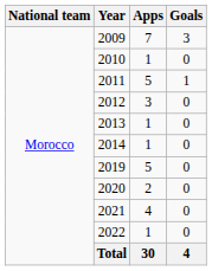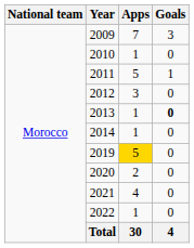 <table class="wikitable" style="text-align:center">
 <tr>
 <th>National team</th>
 <th>Year</th>
 <th>Apps</th>
 <th>Goals</th>
 </tr>
 <tr>
 <td rowspan="14"><a href='#'>Morocco</a></td>
 <td>2009</td>
 <td>7</td>
 <td>3</td>
 </tr>
 <tr>
 <td>2010</td>
 <td>1</td>
 <td>0</td>
 </tr>
 <tr>
 <td>2011</td>
 <td>5</td>
 <td>1</td>
 </tr>
 <tr>
 <td>2012</td>
 <td>3</td>
 <td>0</td>
 </tr>
 <tr>
 <td>2013</td>
 <td>1</td>
-<td>0</td>
+<td><strong>0</strong></td>
 </tr>
 <tr>
 <td>2014</td>
 <td>1</td>
 <td>0</td>
 </tr>
 <tr>
 <td>2019</td>
-<td>5</td>
+<td style="background: gold;">5</td>
 <td>0</td>
 </tr>
 <tr>
 <td>2020</td>
 <td>2</td>
 <td>0</td>
 </tr>
 <tr>
 <td>2021</td>
 <td>4</td>
 <td>0</td>
 </tr>
 <tr>
 <td>2022</td>
 <td>1</td>
 <td>0</td>
 </tr>
 <tr>
 <th colspan="1">Total</th>
 <th>30</th>
 <th>4</th>
 </tr>
 </table>
